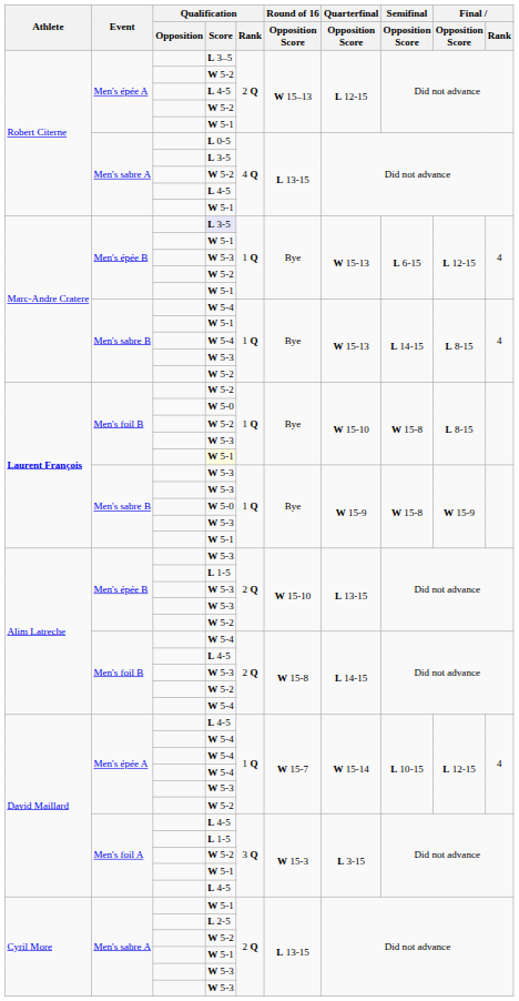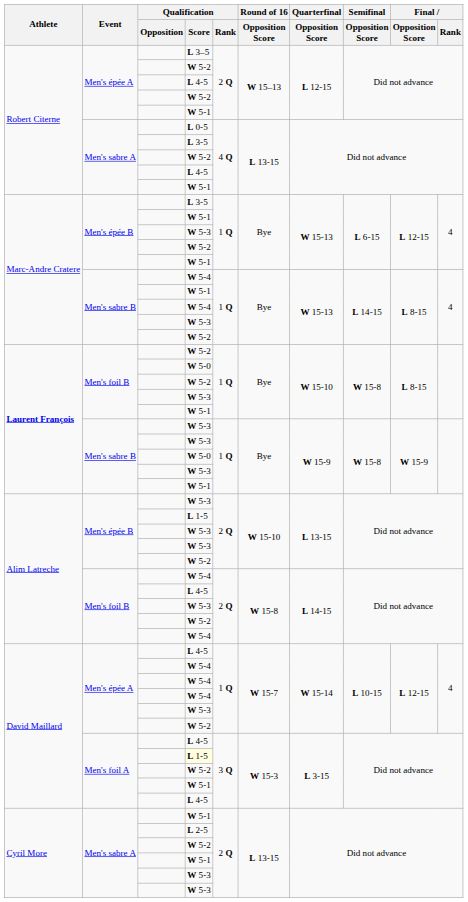 <table class=wikitable style="font-size:90%">
 <tr>
 <th rowspan="2">Athlete</th>
 <th rowspan="2">Event</th>
 <th colspan="3">Qualification</th>
 <th>Round of 16</th>
 <th>Quarterfinal</th>
 <th>Semifinal</th>
 <th colspan="2">Final / </th>
 </tr>
 <tr>
 <th>Opposition</th>
 <th>Score</th>
 <th>Rank</th>
 <th>Opposition<br>Score</th>
 <th>Opposition<br>Score</th>
 <th>Opposition<br>Score</th>
 <th>Opposition<br>Score</th>
 <th>Rank</th>
 </tr>
 <tr>
 <td rowspan=10><a href='#'>Robert Citerne</a></td>
 <td rowspan=5><a href='#'>Men's épée A</a></td>
 <td></td>
 <td><strong>L</strong> 3–5</td>
 <td align="center" rowspan=5>2 <strong>Q</strong></td>
 <td align="center" rowspan=5><br><strong>W</strong> 15–13</td>
 <td align="center" rowspan=5><br><strong>L</strong> 12-15</td>
 <td align="center" rowspan=5 colspan=3>Did not advance</td>
 </tr>
 <tr>
 <td></td>
 <td><strong>W</strong> 5-2</td>
 </tr>
 <tr>
 <td></td>
 <td><strong>L</strong> 4-5</td>
 </tr>
 <tr>
 <td></td>
 <td><strong>W</strong> 5-2</td>
 </tr>
 <tr>
 <td></td>
 <td><strong>W</strong> 5-1</td>
 </tr>
 <tr>
 <td rowspan=5><a href='#'>Men's sabre A</a></td>
 <td></td>
 <td><strong>L</strong> 0-5</td>
 <td align="center" rowspan=5>4 <strong>Q</strong></td>
 <td align="center" rowspan=5><br><strong>L</strong> 13-15</td>
 <td align="center" rowspan=5 colspan=4>Did not advance</td>
 </tr>
 <tr>
 <td></td>
 <td><strong>L</strong> 3-5</td>
 </tr>
 <tr>
 <td></td>
 <td><strong>W</strong> 5-2</td>
 </tr>
 <tr>
 <td></td>
 <td><strong>L</strong> 4-5</td>
 </tr>
 <tr>
 <td></td>
 <td><strong>W</strong> 5-1</td>
 </tr>
 <tr>
 <td rowspan=10><a href='#'>Marc-Andre Cratere</a></td>
 <td rowspan=5><a href='#'>Men's épée B</a></td>
 <td></td>
-<td style="background: lavender;"><strong>L</strong> 3-5</td>
+<td><strong>L</strong> 3-5</td>
 <td align="center" rowspan=5>1 <strong>Q</strong></td>
 <td align="center" rowspan=5>Bye</td>
 <td align="center" rowspan=5><br><strong>W</strong> 15-13</td>
 <td align="center" rowspan=5><br><strong>L</strong> 6-15</td>
 <td align="center" rowspan=5><br><strong>L</strong> 12-15</td>
 <td align="center" rowspan=5>4</td>
 </tr>
 <tr>
 <td></td>
 <td><strong>W</strong> 5-1</td>
 </tr>
 <tr>
 <td></td>
 <td><strong>W</strong> 5-3</td>
 </tr>
 <tr>
 <td></td>
 <td><strong>W</strong> 5-2</td>
 </tr>
 <tr>
 <td></td>
 <td><strong>W</strong> 5-1</td>
 </tr>
 <tr>
 <td rowspan=5><a href='#'>Men's sabre B</a></td>
 <td></td>
 <td><strong>W</strong> 5-4</td>
 <td align="center" rowspan=5>1 <strong>Q</strong></td>
 <td align="center" rowspan=5>Bye</td>
 <td align="center" rowspan=5><br><strong>W</strong> 15-13</td>
 <td align="center" rowspan=5><br><strong>L</strong> 14-15</td>
 <td align="center" rowspan=5><br><strong>L</strong> 8-15</td>
 <td align="center" rowspan=5>4</td>
 </tr>
 <tr>
 <td></td>
 <td><strong>W</strong> 5-1</td>
 </tr>
 <tr>
 <td></td>
 <td><strong>W</strong> 5-4</td>
 </tr>
 <tr>
 <td></td>
 <td><strong>W</strong> 5-3</td>
 </tr>
 <tr>
 <td></td>
 <td><strong>W</strong> 5-2</td>
 </tr>
 <tr>
 <td rowspan=10><strong><a href='#'>Laurent François</a></strong></td>
 <td rowspan=5><a href='#'>Men's foil B</a></td>
 <td></td>
 <td><strong>W</strong> 5-2</td>
 <td align="center" rowspan=5>1 <strong>Q</strong></td>
 <td align="center" rowspan=5>Bye</td>
 <td align="center" rowspan=5><br><strong>W</strong> 15-10</td>
 <td align="center" rowspan=5><br><strong>W</strong> 15-8</td>
 <td align="center" rowspan=5><br><strong>L</strong> 8-15</td>
 <td align="center" rowspan=5></td>
 </tr>
 <tr>
 <td></td>
 <td><strong>W</strong> 5-0</td>
 </tr>
 <tr>
 <td></td>
 <td><strong>W</strong> 5-2</td>
 </tr>
 <tr>
 <td></td>
 <td><strong>W</strong> 5-3</td>
 </tr>
 <tr>
 <td></td>
-<td style="background: lightyellow;"><strong>W</strong> 5-1</td>
+<td><strong>W</strong> 5-1</td>
 </tr>
 <tr>
 <td rowspan=5><a href='#'>Men's sabre B</a></td>
 <td></td>
 <td><strong>W</strong> 5-3</td>
 <td align="center" rowspan=5>1 <strong>Q</strong></td>
 <td align="center" rowspan=5>Bye</td>
 <td align="center" rowspan=5><br><strong>W</strong> 15-9</td>
 <td align="center" rowspan=5><br><strong>W</strong> 15-8</td>
 <td align="center" rowspan=5><br><strong>W</strong> 15-9</td>
 <td align="center" rowspan=5></td>
 </tr>
 <tr>
 <td></td>
 <td><strong>W</strong> 5-3</td>
 </tr>
 <tr>
 <td></td>
 <td><strong>W</strong> 5-0</td>
 </tr>
 <tr>
 <td></td>
 <td><strong>W</strong> 5-3</td>
 </tr>
 <tr>
 <td></td>
 <td><strong>W</strong> 5-1</td>
 </tr>
 <tr>
 <td rowspan=10><a href='#'>Alim Latreche</a></td>
 <td rowspan=5><a href='#'>Men's épée B</a></td>
 <td></td>
 <td><strong>W</strong> 5-3</td>
 <td align="center" rowspan=5>2 <strong>Q</strong></td>
 <td align="center" rowspan=5><br><strong>W</strong> 15-10</td>
 <td align="center" rowspan=5><br><strong>L</strong> 13-15</td>
 <td align="center" rowspan=5 colspan=3>Did not advance</td>
 </tr>
 <tr>
 <td></td>
 <td><strong>L</strong> 1-5</td>
 </tr>
 <tr>
 <td></td>
 <td><strong>W</strong> 5-3</td>
 </tr>
 <tr>
 <td></td>
 <td><strong>W</strong> 5-3</td>
 </tr>
 <tr>
 <td></td>
 <td><strong>W</strong> 5-2</td>
 </tr>
 <tr>
 <td rowspan=5><a href='#'>Men's foil B</a></td>
 <td></td>
 <td><strong>W</strong> 5-4</td>
 <td align="center" rowspan=5>2 <strong>Q</strong></td>
 <td align="center" rowspan=5><br><strong>W</strong> 15-8</td>
 <td align="center" rowspan=5><br><strong>L</strong> 14-15</td>
 <td align="center" rowspan=5 colspan=3>Did not advance</td>
 </tr>
 <tr>
 <td></td>
 <td><strong>L</strong> 4-5</td>
 </tr>
 <tr>
 <td></td>
 <td><strong>W</strong> 5-3</td>
 </tr>
 <tr>
 <td></td>
 <td><strong>W</strong> 5-2</td>
 </tr>
 <tr>
 <td></td>
 <td><strong>W</strong> 5-4</td>
 </tr>
 <tr>
 <td rowspan=11><a href='#'>David Maillard</a></td>
 <td rowspan=6><a href='#'>Men's épée A</a></td>
 <td></td>
 <td><strong>L</strong> 4-5</td>
 <td align="center" rowspan=6>1 <strong>Q</strong></td>
 <td align="center" rowspan=6><br><strong>W</strong> 15-7</td>
 <td align="center" rowspan=6><br><strong>W</strong> 15-14</td>
 <td align="center" rowspan=6><br><strong>L</strong> 10-15</td>
 <td align="center" rowspan=6><br><strong>L</strong> 12-15</td>
 <td align="center" rowspan=6>4</td>
 </tr>
 <tr>
 <td></td>
 <td><strong>W</strong> 5-4</td>
 </tr>
 <tr>
 <td></td>
 <td><strong>W</strong> 5-4</td>
 </tr>
 <tr>
 <td></td>
 <td><strong>W</strong> 5-4</td>
 </tr>
 <tr>
 <td></td>
 <td><strong>W</strong> 5-3</td>
 </tr>
 <tr>
 <td></td>
 <td><strong>W</strong> 5-2</td>
 </tr>
 <tr>
 <td rowspan=5><a href='#'>Men's foil A</a></td>
 <td></td>
 <td><strong>L</strong> 4-5</td>
 <td align="center" rowspan=5>3 <strong>Q</strong></td>
 <td align="center" rowspan=5><br><strong>W</strong> 15-3</td>
 <td align="center" rowspan=5><br><strong>L</strong> 3-15</td>
 <td align="center" rowspan=5 colspan=3>Did not advance</td>
 </tr>
 <tr>
 <td></td>
-<td><strong>L</strong> 1-5</td>
+<td style="background: lightyellow;"><strong>L</strong> 1-5</td>
 </tr>
 <tr>
 <td></td>
 <td><strong>W</strong> 5-2</td>
 </tr>
 <tr>
 <td></td>
 <td><strong>W</strong> 5-1</td>
 </tr>
 <tr>
 <td></td>
 <td><strong>L</strong> 4-5</td>
 </tr>
 <tr>
 <td rowspan=6><a href='#'>Cyril More</a></td>
 <td rowspan=6><a href='#'>Men's sabre A</a></td>
 <td></td>
 <td><strong>W</strong> 5-1</td>
 <td align="center" rowspan=6>2 <strong>Q</strong></td>
 <td align="center" rowspan=6><br><strong>L</strong> 13-15</td>
 <td align="center" rowspan=6 colspan=4>Did not advance</td>
 </tr>
 <tr>
 <td></td>
 <td><strong>L</strong> 2-5</td>
 </tr>
 <tr>
 <td></td>
 <td><strong>W</strong> 5-2</td>
 </tr>
 <tr>
 <td></td>
 <td><strong>W</strong> 5-1</td>
 </tr>
 <tr>
 <td></td>
 <td><strong>W</strong> 5-3</td>
 </tr>
 <tr>
 <td></td>
 <td><strong>W</strong> 5-3</td>
 </tr>
 </table>
